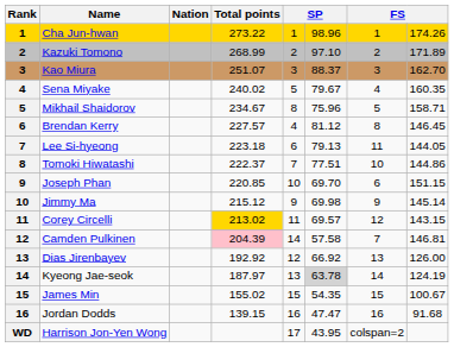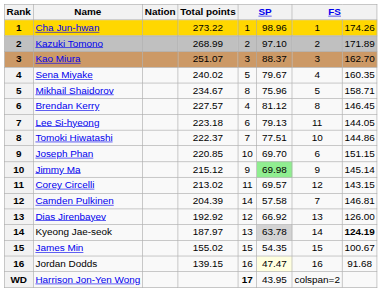 <table class="wikitable sortable">
 <tr>
 <th>Rank</th>
 <th>Name</th>
 <th>Nation</th>
 <th>Total points</th>
 <th colspan="2" width="80px"><a href='#'>SP</a></th>
 <th colspan="2" width="80px"><a href='#'>FS</a></th>
 </tr>
 <tr bgcolor="gold">
 <td align="center"><strong>1</strong></td>
 <td><a href='#'>Cha Jun-hwan</a></td>
 <td></td>
 <td align="center">273.22</td>
 <td align="center">1</td>
 <td align="center">98.96</td>
 <td align="center">1</td>
 <td align="center">174.26</td>
 </tr>
 <tr bgcolor="silver">
 <td align="center"><strong>2</strong></td>
 <td><a href='#'>Kazuki Tomono</a></td>
 <td></td>
 <td align="center">268.99</td>
 <td align="center">2</td>
 <td align="center">97.10</td>
 <td align="center">2</td>
 <td align="center">171.89</td>
 </tr>
 <tr bgcolor="cc9966">
 <td align="center"><strong>3</strong></td>
 <td><a href='#'>Kao Miura</a></td>
 <td></td>
 <td align="center">251.07</td>
 <td align="center">3</td>
 <td align="center">88.37</td>
 <td align="center">3</td>
 <td align="center">162.70</td>
 </tr>
 <tr>
 <th>4</th>
 <td><a href='#'>Sena Miyake</a></td>
 <td></td>
 <td align="center">240.02</td>
 <td align="center">5</td>
 <td align="center">79.67</td>
 <td align="center">4</td>
 <td align="center">160.35</td>
 </tr>
 <tr>
 <th>5</th>
 <td><a href='#'>Mikhail Shaidorov</a></td>
 <td></td>
 <td align="center">234.67</td>
 <td align="center">8</td>
 <td align="center">75.96</td>
 <td align="center">5</td>
 <td align="center">158.71</td>
 </tr>
 <tr>
 <th>6</th>
 <td><a href='#'>Brendan Kerry</a></td>
 <td></td>
 <td align="center">227.57</td>
 <td align="center">4</td>
 <td align="center">81.12</td>
 <td align="center">8</td>
 <td align="center">146.45</td>
 </tr>
 <tr>
 <th>7</th>
 <td><a href='#'>Lee Si-hyeong</a></td>
 <td></td>
 <td align="center">223.18</td>
 <td align="center">6</td>
 <td align="center">79.13</td>
 <td align="center">11</td>
 <td align="center">144.05</td>
 </tr>
 <tr>
 <th>8</th>
 <td><a href='#'>Tomoki Hiwatashi</a></td>
 <td></td>
 <td align="center">222.37</td>
 <td align="center">7</td>
 <td align="center">77.51</td>
 <td align="center">10</td>
 <td align="center">144.86</td>
 </tr>
 <tr>
 <th>9</th>
 <td><a href='#'>Joseph Phan</a></td>
 <td></td>
 <td align="center">220.85</td>
 <td align="center">10</td>
 <td align="center">69.70</td>
 <td align="center">6</td>
 <td align="center">151.15</td>
 </tr>
 <tr>
 <th>10</th>
 <td><a href='#'>Jimmy Ma</a></td>
 <td></td>
 <td align="center">215.12</td>
 <td align="center">9</td>
-<td align="center">69.98</td>
+<td align="center" style="background: lightgreen;">69.98</td>
 <td align="center">9</td>
 <td align="center">145.14</td>
 </tr>
 <tr>
 <th>11</th>
 <td><a href='#'>Corey Circelli</a></td>
 <td></td>
-<td align="center" style="background: gold;">213.02</td>
+<td align="center">213.02</td>
 <td align="center">11</td>
 <td align="center">69.57</td>
 <td align="center">12</td>
 <td align="center">143.15</td>
 </tr>
 <tr>
 <th>12</th>
 <td><a href='#'>Camden Pulkinen</a></td>
 <td></td>
-<td align="center" style="background: pink;">204.39</td>
+<td align="center">204.39</td>
 <td align="center">14</td>
 <td align="center">57.58</td>
 <td align="center">7</td>
 <td align="center">146.81</td>
 </tr>
 <tr>
 <th>13</th>
 <td><a href='#'>Dias Jirenbayev</a></td>
 <td></td>
 <td align="center">192.92</td>
 <td align="center">12</td>
 <td align="center">66.92</td>
 <td align="center">13</td>
 <td align="center">126.00</td>
 </tr>
 <tr>
 <th>14</th>
 <td>Kyeong Jae-seok</td>
 <td></td>
 <td align="center">187.97</td>
 <td align="center">13</td>
 <td align="center" style="background: lightgrey;">63.78</td>
 <td align="center">14</td>
-<td align="center">124.19</td>
+<td align="center"><strong>124.19</strong></td>
 </tr>
 <tr>
 <th>15</th>
 <td><a href='#'>James Min</a></td>
 <td></td>
 <td align="center">155.02</td>
 <td align="center">15</td>
 <td align="center">54.35</td>
 <td align="center">15</td>
 <td align="center">100.67</td>
 </tr>
 <tr>
 <th>16</th>
 <td>Jordan Dodds</td>
 <td></td>
 <td align="center">139.15</td>
 <td align="center">16</td>
-<td align="center">47.47</td>
+<td align="center" style="background: lightyellow;">47.47</td>
 <td align="center">16</td>
 <td align="center">91.68</td>
 </tr>
 <tr>
 <th>WD</th>
 <td><a href='#'>Harrison Jon-Yen Wong</a></td>
 <td></td>
 <td></td>
-<td align="center">17</td>
+<td align="center"><strong>17</strong></td>
 <td align="center">43.95</td>
 <td>colspan=2 </td>
 </tr>
 </table>
